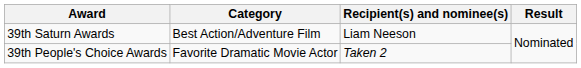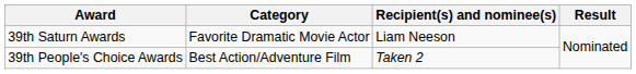 <table class="wikitable">
 <tr>
 <th>Award</th>
 <th>Category</th>
 <th>Recipient(s) and nominee(s)</th>
 <th>Result</th>
 </tr>
 <tr>
 <td>39th Saturn Awards</td>
-<td>Best Action/Adventure Film</td>
+<td>Favorite Dramatic Movie Actor</td>
 <td>Liam Neeson</td>
 <td rowspan="2">Nominated</td>
 </tr>
 <tr>
 <td>39th People's Choice Awards</td>
-<td>Favorite Dramatic Movie Actor</td>
+<td>Best Action/Adventure Film</td>
 <td><em>Taken 2</em></td>
 </tr>
 </table>
